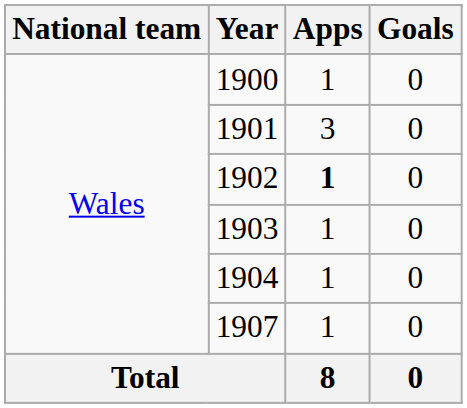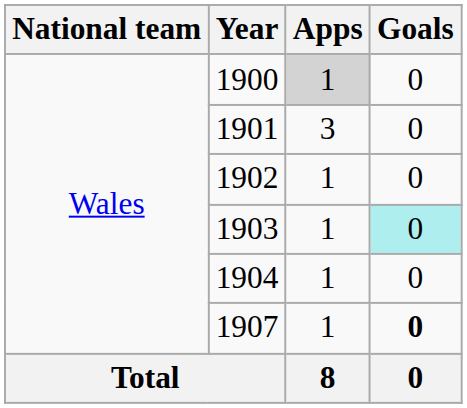 <table class=wikitable style="text-align: center">
 <tr>
 <th>National team</th>
 <th>Year</th>
 <th>Apps</th>
 <th>Goals</th>
 </tr>
 <tr>
 <td rowspan=6><a href='#'>Wales</a></td>
 <td>1900</td>
-<td>1</td>
+<td style="background: lightgrey;">1</td>
 <td>0</td>
 </tr>
 <tr>
 <td>1901</td>
 <td>3</td>
 <td>0</td>
 </tr>
 <tr>
 <td>1902</td>
-<td><strong>1</strong></td>
+<td>1</td>
 <td>0</td>
 </tr>
 <tr>
 <td>1903</td>
 <td>1</td>
-<td>0</td>
+<td style="background: paleturquoise;">0</td>
 </tr>
 <tr>
 <td>1904</td>
 <td>1</td>
 <td>0</td>
 </tr>
 <tr>
 <td>1907</td>
 <td>1</td>
-<td>0</td>
+<td><strong>0</strong></td>
 </tr>
 <tr>
 <th colspan=2>Total</th>
 <th>8</th>
 <th>0</th>
 </tr>
 </table>
